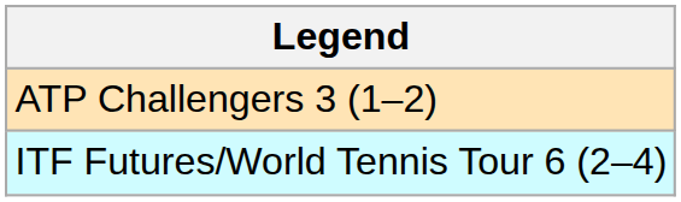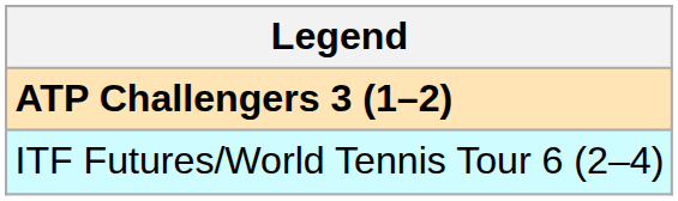 <table class=wikitable style=font-size:97%>
 <tr>
 <th>Legend</th>
 </tr>
 <tr style="background:moccasin;">
-<td>ATP Challengers 3 (1–2)</td>
+<td><strong>ATP Challengers 3 (1–2)</strong></td>
 </tr>
 <tr style="background:#cffcff;">
 <td>ITF Futures/World Tennis Tour 6 (2–4)</td>
 </tr>
 </table>
